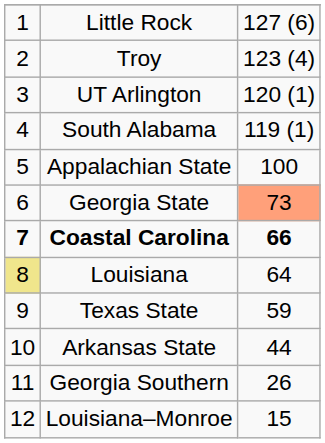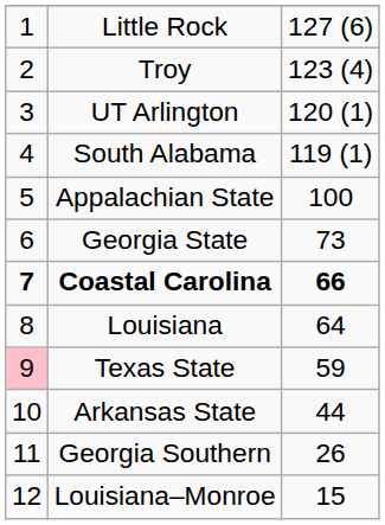 <table class="wikitable">
 <tr align="center">
 </tr>
 <tr align="center">
 <td>1</td>
 <td>Little Rock</td>
 <td>127 (6)</td>
 </tr>
 <tr align="center">
 <td>2</td>
 <td>Troy</td>
 <td>123 (4)</td>
 </tr>
 <tr align="center">
 <td>3</td>
 <td>UT Arlington</td>
 <td>120 (1)</td>
 </tr>
 <tr align="center">
 <td>4</td>
 <td>South Alabama</td>
 <td>119 (1)</td>
 </tr>
 <tr align="center">
 <td>5</td>
 <td>Appalachian State</td>
 <td>100</td>
 </tr>
 <tr align="center">
 <td>6</td>
 <td>Georgia State</td>
-<td style="background: lightsalmon;">73</td>
+<td>73</td>
 </tr>
 <tr align="center">
 <td><strong>7</strong></td>
 <td><strong>Coastal Carolina</strong></td>
 <td><strong>66</strong></td>
 </tr>
 <tr align="center">
-<td style="background: khaki;">8</td>
+<td>8</td>
 <td>Louisiana</td>
 <td>64</td>
 </tr>
 <tr align="center">
-<td>9</td>
+<td style="background: pink;">9</td>
 <td>Texas State</td>
 <td>59</td>
 </tr>
 <tr align="center">
 <td>10</td>
 <td>Arkansas State</td>
 <td>44</td>
 </tr>
 <tr align="center">
 <td>11</td>
 <td>Georgia Southern</td>
 <td>26</td>
 </tr>
 <tr align="center">
 <td>12</td>
 <td>Louisiana–Monroe</td>
 <td>15</td>
 </tr>
 </table>
